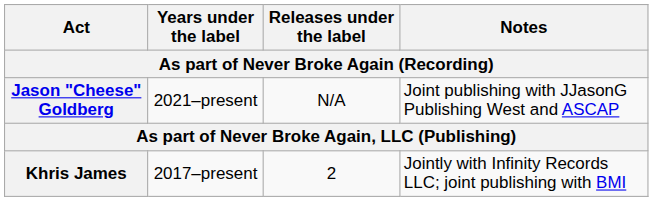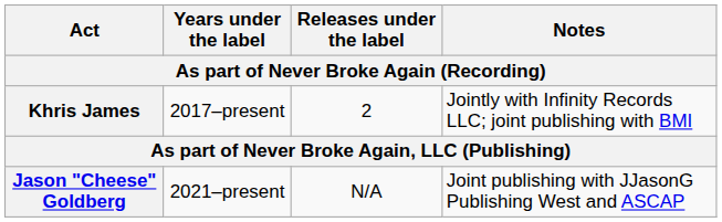 <table class="wikitable sortable">
 <tr>
 <th>Act</th>
 <th>Years under the label</th>
 <th>Releases under the label</th>
 <th>Notes</th>
 </tr>
 <tr>
 <th colspan="4">As part of Never Broke Again (Recording)</th>
 </tr>
 <tr>
+<th>Khris James</th>
+<td style="text-align:center;">2017–present</td>
+<td style="text-align:center;">2</td>
+<td>Jointly with Infinity Records LLC; joint publishing with <a href='#'>BMI</a></td>
+</tr>
+<tr>
+<th colspan="4">As part of Never Broke Again, LLC (Publishing)</th>
+</tr>
+<tr>
 <th><a href='#'>Jason "Cheese" Goldberg</a></th>
 <td style="text-align:center;">2021–present</td>
 <td style="text-align:center;">N/A</td>
 <td>Joint publishing with JJasonG Publishing West and <a href='#'>ASCAP</a></td>
 </tr>
-<tr>
-<th colspan="4">As part of Never Broke Again, LLC (Publishing)</th>
-</tr>
-<tr>
-<th>Khris James</th>
-<td style="text-align:center;">2017–present</td>
-<td style="text-align:center;">2</td>
-<td>Jointly with Infinity Records LLC; joint publishing with <a href='#'>BMI</a></td>
-</tr>
 </table>
